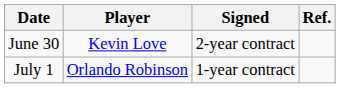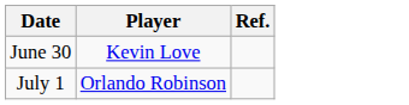 <table class="wikitable sortable sortable" style="text-align: center">
 <tr>
 <th>Date</th>
 <th>Player</th>
-<th>Signed</th>
 <th>Ref.</th>
 </tr>
 <tr>
 <td>June 30</td>
 <td><a href='#'>Kevin Love</a></td>
-<td>2-year contract</td>
 <td></td>
 </tr>
 <tr>
 <td>July 1</td>
 <td><a href='#'>Orlando Robinson</a></td>
-<td>1-year contract</td>
 <td></td>
 </tr>
 </table>
